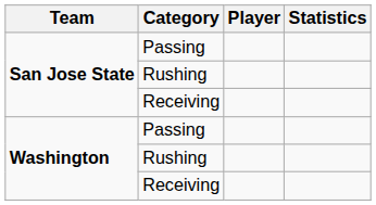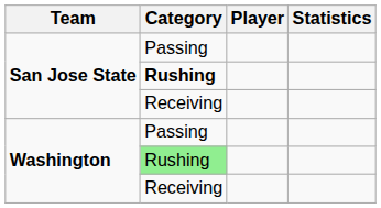 <table class="wikitable" style="float: right;">
 <tr>
 <th>Team</th>
 <th>Category</th>
 <th>Player</th>
 <th>Statistics</th>
 </tr>
 <tr>
 <td rowspan=3><strong>San Jose State</strong></td>
 <td>Passing</td>
 <td></td>
 <td></td>
 </tr>
 <tr>
-<td>Rushing</td>
+<td><strong>Rushing</strong></td>
 <td></td>
 <td></td>
 </tr>
 <tr>
 <td>Receiving</td>
 <td></td>
 <td></td>
 </tr>
 <tr>
 <td rowspan=3><strong>Washington</strong></td>
 <td>Passing</td>
 <td></td>
 <td></td>
 </tr>
 <tr>
-<td>Rushing</td>
+<td style="background: lightgreen;">Rushing</td>
 <td></td>
 <td></td>
 </tr>
 <tr>
 <td>Receiving</td>
 <td></td>
 <td></td>
 </tr>
 </table>
